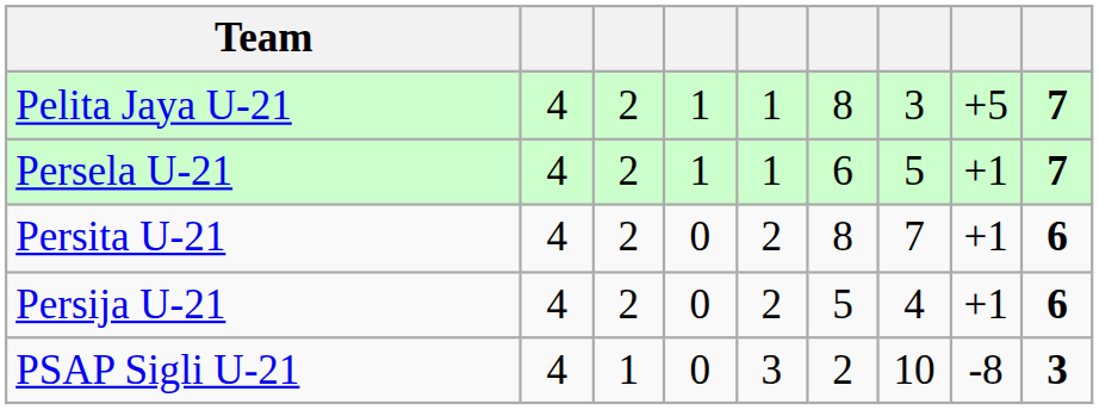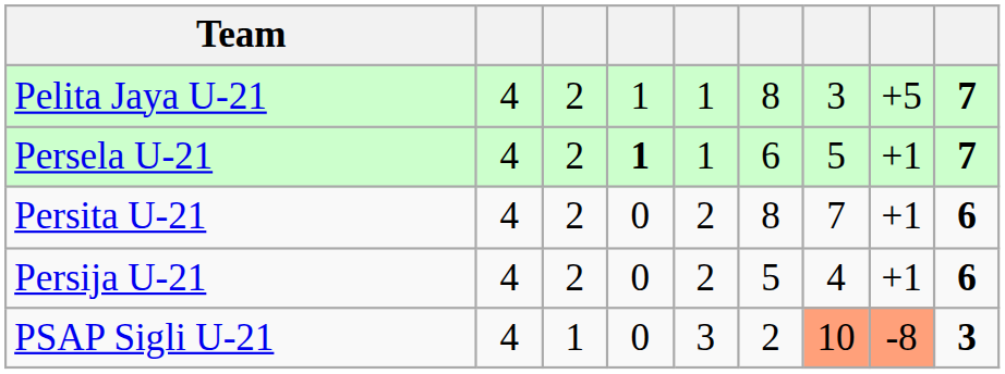 <table class="wikitable" style="text-align:center">
 <tr>
 <th width=190>Team</th>
 <th width=20></th>
 <th width=20></th>
 <th width=20></th>
 <th width=20></th>
 <th width=20></th>
 <th width=20></th>
 <th width=20></th>
 <th width=20></th>
 </tr>
 <tr style="background:#cfc;">
 <td align=left><a href='#'>Pelita Jaya U-21</a></td>
 <td>4</td>
 <td>2</td>
 <td>1</td>
 <td>1</td>
 <td>8</td>
 <td>3</td>
 <td>+5</td>
 <td><strong>7</strong></td>
 </tr>
 <tr style="background:#cfc;">
 <td align=left><a href='#'>Persela U-21</a></td>
 <td>4</td>
 <td>2</td>
-<td>1</td>
+<td><strong>1</strong></td>
 <td>1</td>
 <td>6</td>
 <td>5</td>
 <td>+1</td>
 <td><strong>7</strong></td>
 </tr>
 <tr>
 <td align=left><a href='#'>Persita U-21</a></td>
 <td>4</td>
 <td>2</td>
 <td>0</td>
 <td>2</td>
 <td>8</td>
 <td>7</td>
 <td>+1</td>
 <td><strong>6</strong></td>
 </tr>
 <tr>
 <td align=left><a href='#'>Persija U-21</a></td>
 <td>4</td>
 <td>2</td>
 <td>0</td>
 <td>2</td>
 <td>5</td>
 <td>4</td>
 <td>+1</td>
 <td><strong>6</strong></td>
 </tr>
 <tr>
 <td align=left><a href='#'>PSAP Sigli U-21</a></td>
 <td>4</td>
 <td>1</td>
 <td>0</td>
 <td>3</td>
 <td>2</td>
-<td>10</td>
-<td>-8</td>
+<td style="background: lightsalmon;">10</td>
+<td style="background: lightsalmon;">-8</td>
 <td><strong>3</strong></td>
 </tr>
 </table>
